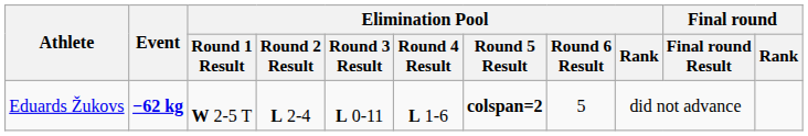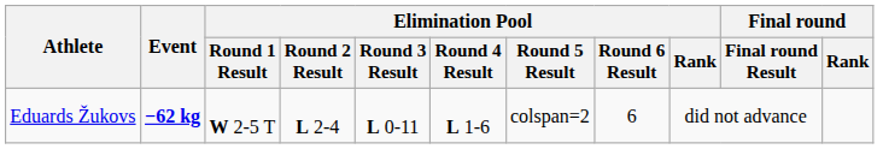 <table class="wikitable" style="font-size:90%">
 <tr>
 <th rowspan="2">Athlete</th>
 <th rowspan="2">Event</th>
 <th colspan=7>Elimination Pool</th>
 <th colspan=2>Final round</th>
 </tr>
 <tr style="font-size: 95%">
 <th>Round 1<br>Result</th>
 <th>Round 2<br>Result</th>
 <th>Round 3<br>Result</th>
 <th>Round 4<br>Result</th>
 <th>Round 5<br>Result</th>
 <th>Round 6<br>Result</th>
 <th>Rank</th>
 <th>Final round<br>Result</th>
 <th>Rank</th>
 </tr>
 <tr align=center>
 <td align=left><a href='#'>Eduards Žukovs</a></td>
 <td align=left><strong><a href='#'>−62 kg</a></strong></td>
 <td><br><strong>W</strong> 2-5 T</td>
 <td><br><strong>L</strong> 2-4</td>
 <td><br><strong>L</strong> 0-11</td>
 <td><br><strong>L</strong> 1-6</td>
-<td><strong>colspan=2 </strong></td>
-<td>5</td>
+<td>colspan=2 </td>
+<td>6</td>
 <td colspan=2>did not advance</td>
 </tr>
 </table>
